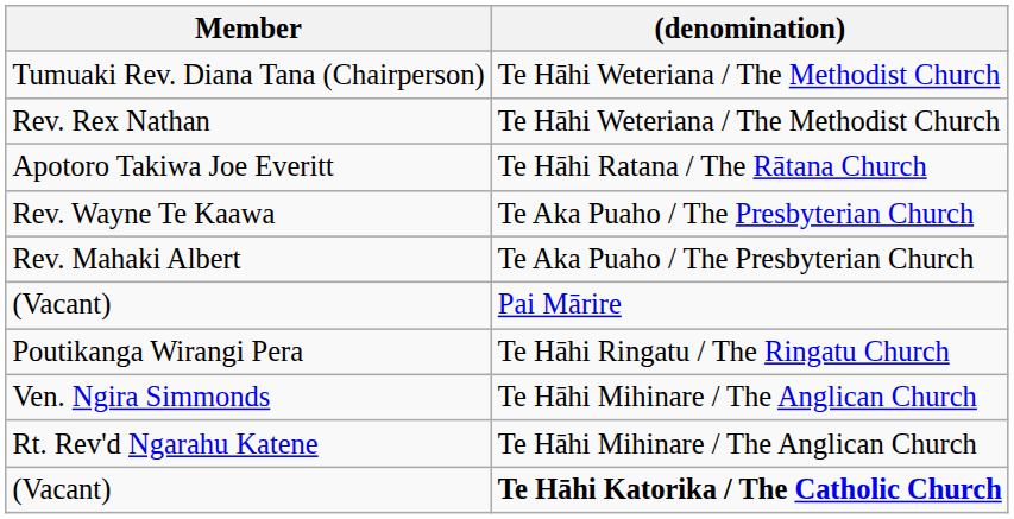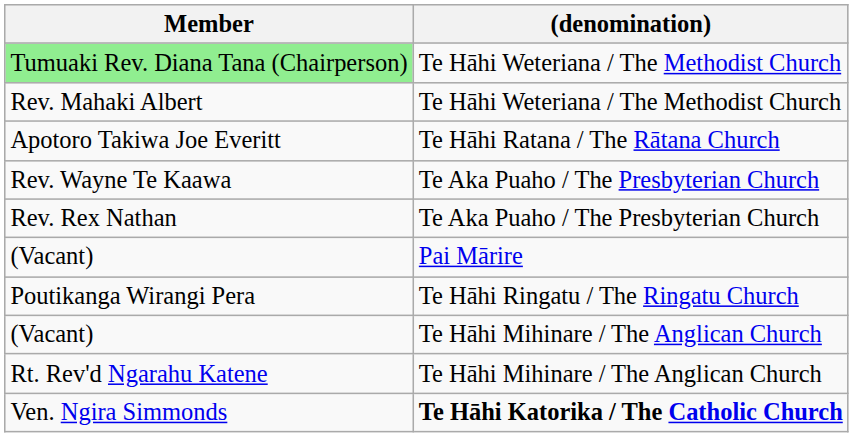 <table class="wikitable">
 <tr>
 <th>Member</th>
 <th> (denomination)</th>
 </tr>
 <tr>
-<td>Tumuaki Rev. Diana Tana (Chairperson)</td>
+<td style="background: lightgreen;">Tumuaki Rev. Diana Tana (Chairperson)</td>
 <td>Te Hāhi Weteriana / The <a href='#'>Methodist Church</a></td>
 </tr>
 <tr>
-<td>Rev. Rex Nathan</td>
+<td>Rev. Mahaki Albert</td>
 <td>Te Hāhi Weteriana / The Methodist Church</td>
 </tr>
 <tr>
 <td>Apotoro Takiwa Joe Everitt</td>
 <td>Te Hāhi Ratana / The <a href='#'>Rātana Church</a></td>
 </tr>
 <tr>
 <td>Rev. Wayne Te Kaawa</td>
 <td>Te Aka Puaho / The <a href='#'>Presbyterian Church</a></td>
 </tr>
 <tr>
-<td>Rev. Mahaki Albert</td>
+<td>Rev. Rex Nathan</td>
 <td>Te Aka Puaho / The Presbyterian Church</td>
 </tr>
 <tr>
 <td>(Vacant)</td>
 <td><a href='#'>Pai Mārire</a></td>
 </tr>
 <tr>
 <td>Poutikanga Wirangi Pera</td>
 <td>Te Hāhi Ringatu / The <a href='#'>Ringatu Church</a></td>
 </tr>
 <tr>
-<td>Ven. <a href='#'>Ngira Simmonds</a></td>
+<td>(Vacant)</td>
 <td>Te Hāhi Mihinare / The <a href='#'>Anglican Church</a></td>
 </tr>
 <tr>
 <td>Rt. Rev'd <a href='#'>Ngarahu Katene</a></td>
 <td>Te Hāhi Mihinare / The Anglican Church</td>
 </tr>
 <tr>
-<td>(Vacant)</td>
+<td>Ven. <a href='#'>Ngira Simmonds</a></td>
 <td><strong>Te Hāhi Katorika / The <a href='#'>Catholic Church</a></strong></td>
 </tr>
 </table>
